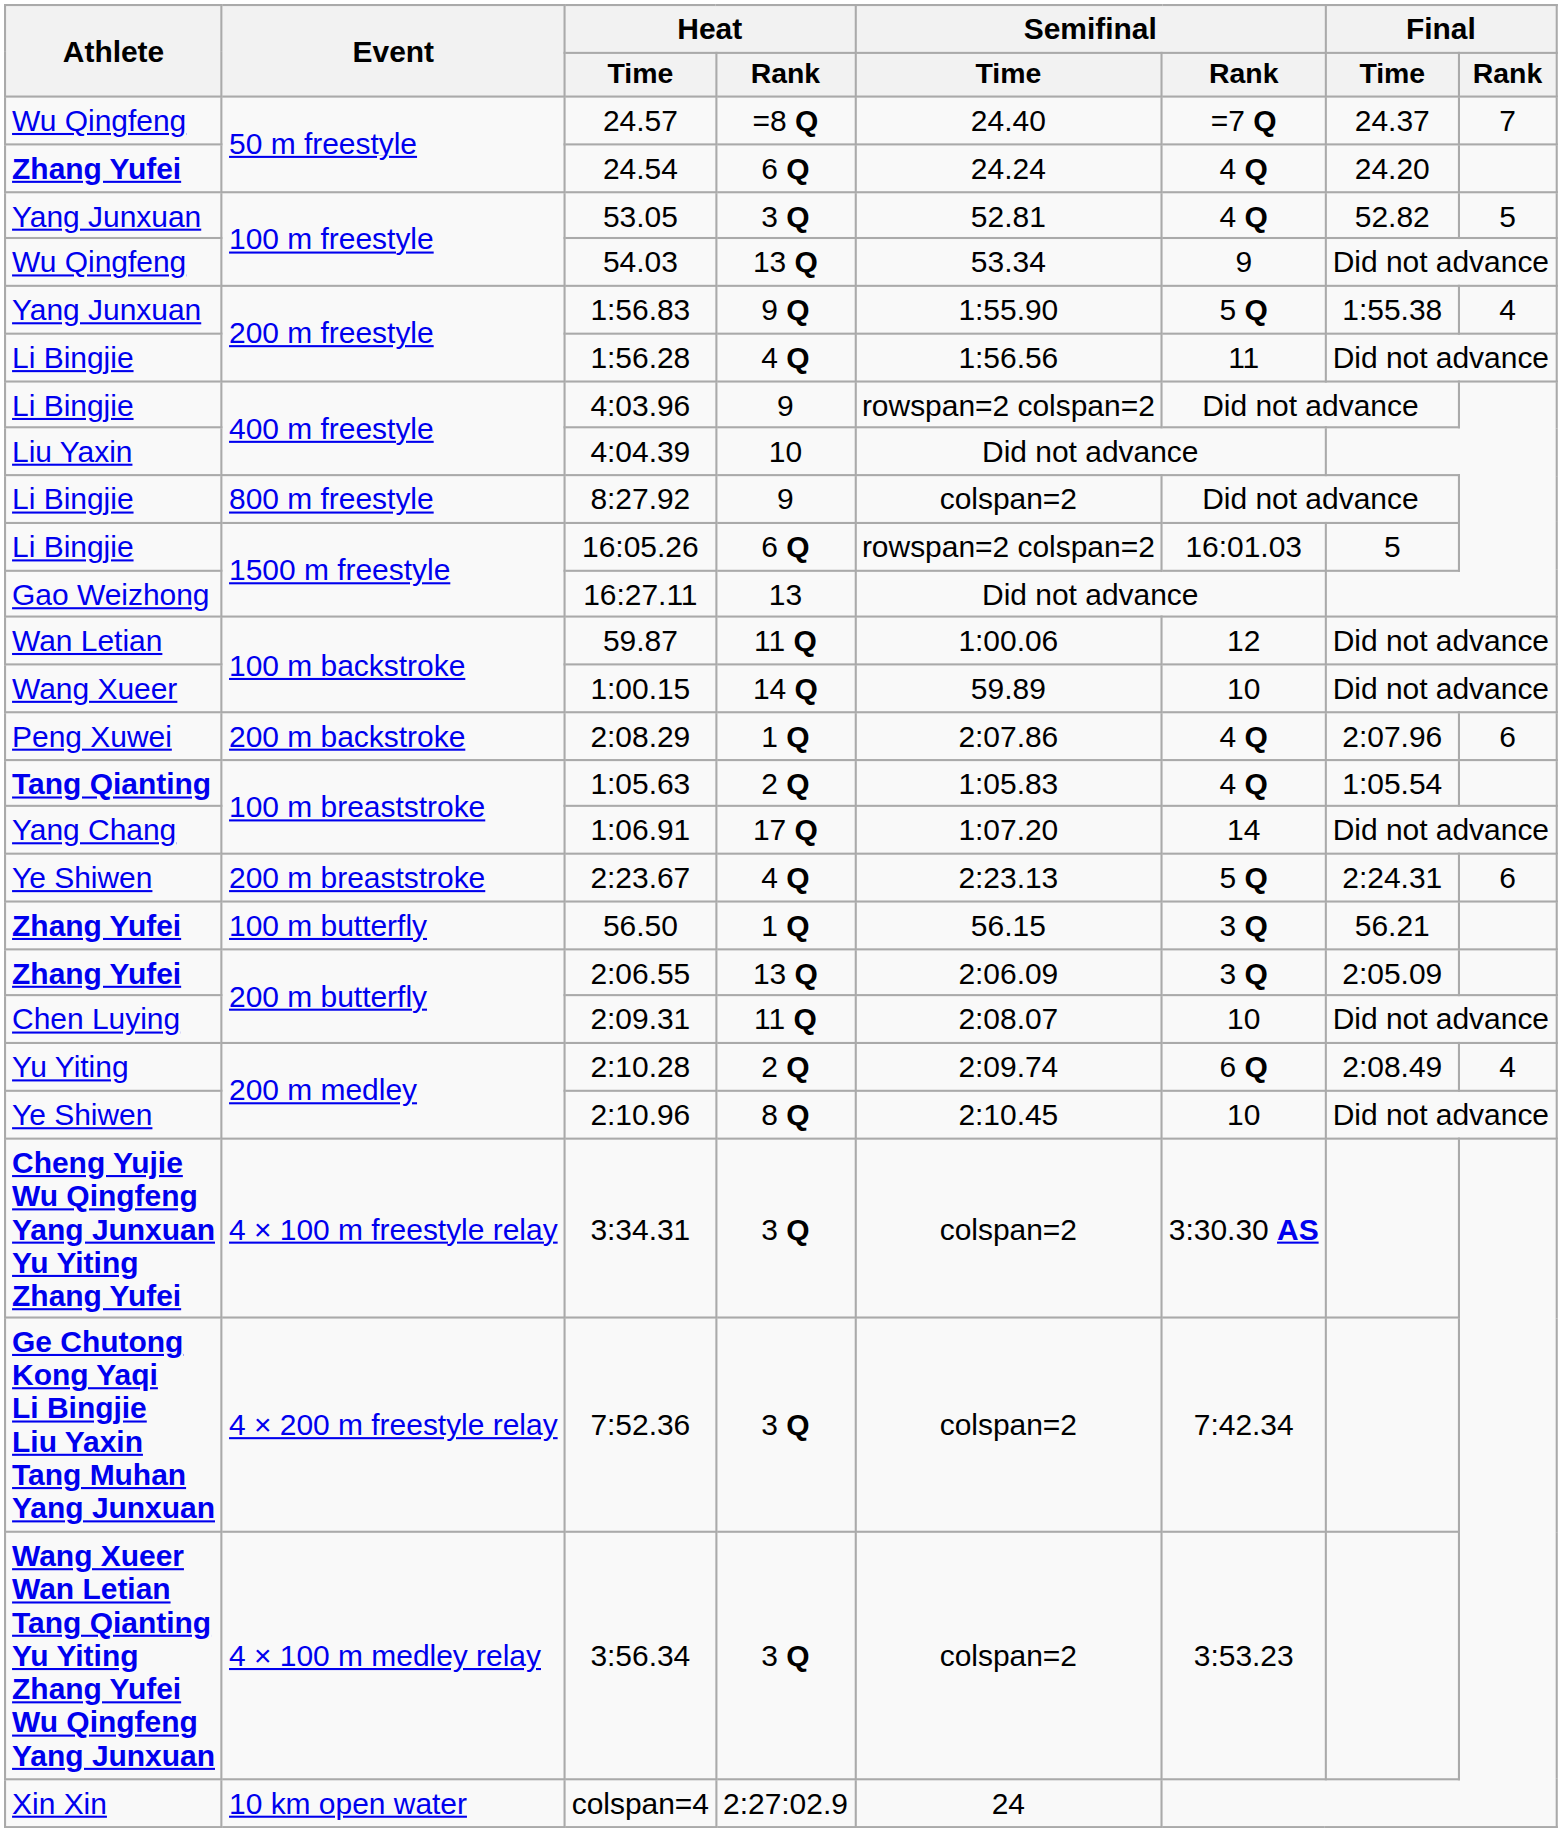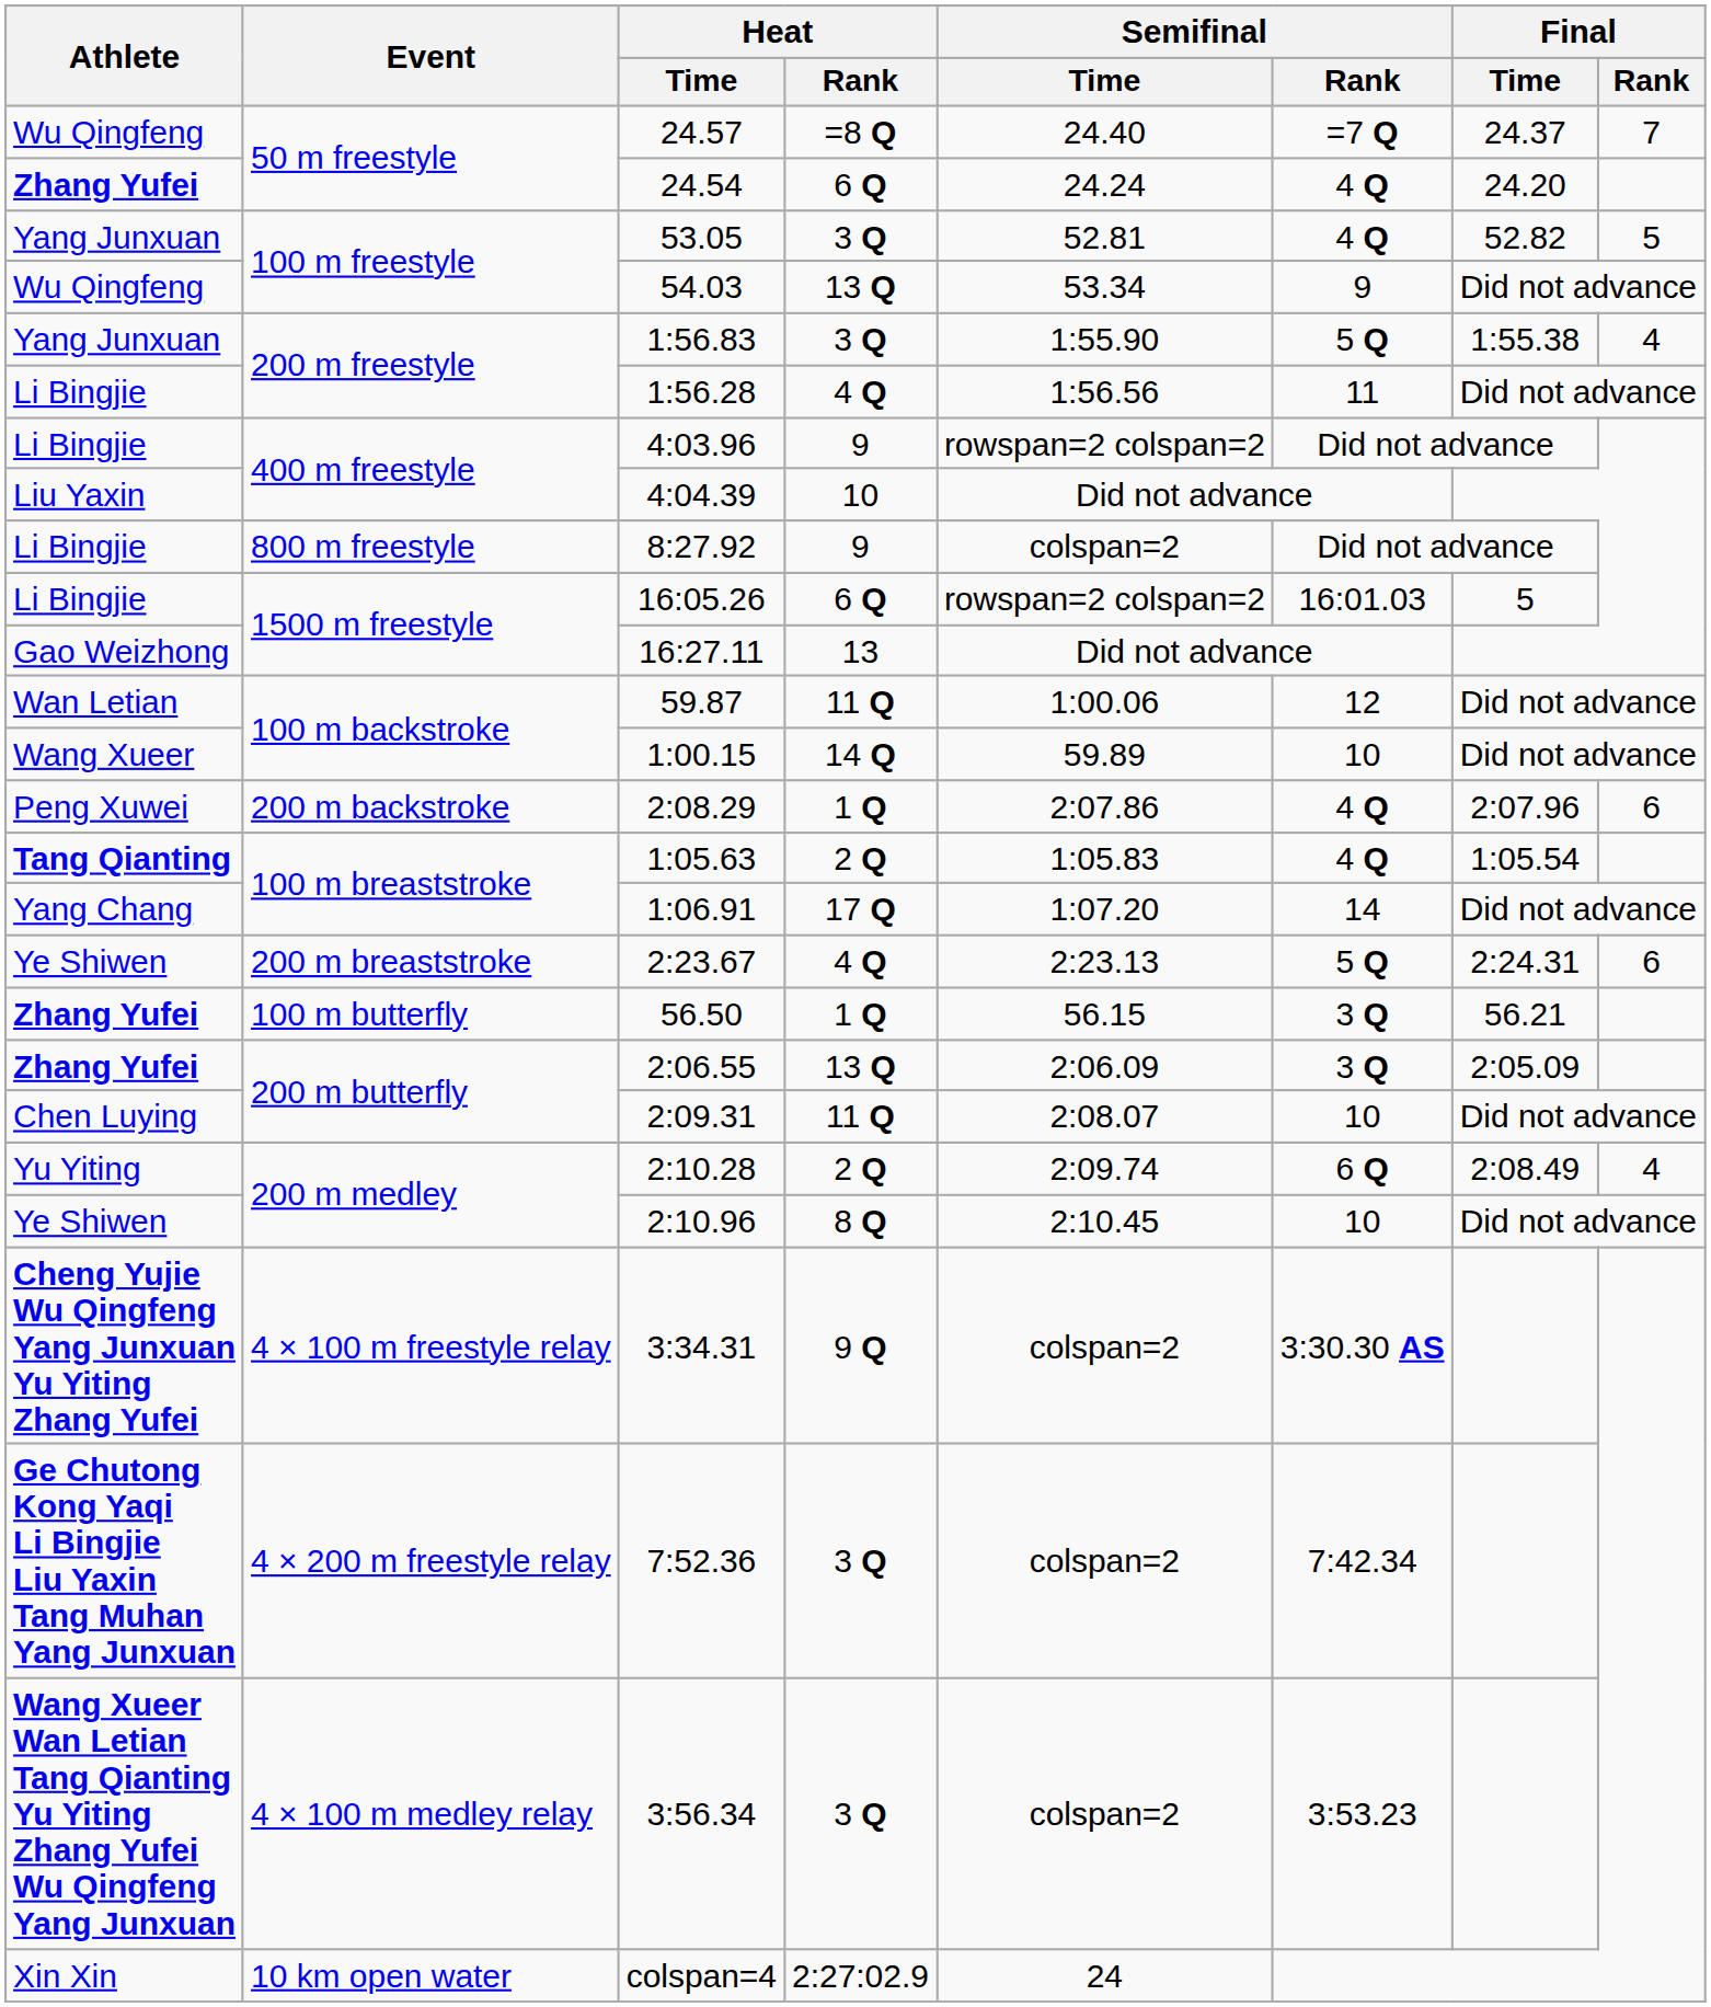 <table class=wikitable style="font-size:90%;">
 <tr>
 <th rowspan=2>Athlete</th>
 <th rowspan=2>Event</th>
 <th colspan=2>Heat</th>
 <th colspan=2>Semifinal</th>
 <th colspan=2>Final</th>
 </tr>
 <tr style=font-size:95%>
 <th>Time</th>
 <th>Rank</th>
 <th>Time</th>
 <th>Rank</th>
 <th>Time</th>
 <th>Rank</th>
 </tr>
 <tr align=center>
 <td align=left><a href='#'>Wu Qingfeng</a></td>
 <td align=left rowspan=2><a href='#'>50 m freestyle</a></td>
 <td>24.57</td>
 <td>=8 <strong>Q</strong></td>
 <td>24.40</td>
 <td>=7 <strong>Q</strong></td>
 <td>24.37</td>
 <td>7</td>
 </tr>
 <tr align=center>
 <td align=left><strong><a href='#'>Zhang Yufei</a></strong></td>
 <td>24.54</td>
 <td>6 <strong>Q</strong></td>
 <td>24.24</td>
 <td>4 <strong>Q</strong></td>
 <td>24.20</td>
 <td></td>
 </tr>
 <tr align=center>
 <td align=left><a href='#'>Yang Junxuan</a></td>
 <td align=left rowspan=2><a href='#'>100 m freestyle</a></td>
 <td>53.05</td>
 <td>3 <strong>Q</strong></td>
 <td>52.81</td>
 <td>4 <strong>Q</strong></td>
 <td>52.82</td>
 <td>5</td>
 </tr>
 <tr align=center>
 <td align=left><a href='#'>Wu Qingfeng</a></td>
 <td>54.03</td>
 <td>13 <strong>Q</strong></td>
 <td>53.34</td>
 <td>9</td>
 <td colspan=2>Did not advance</td>
 </tr>
 <tr align=center>
 <td align=left><a href='#'>Yang Junxuan</a></td>
 <td align=left rowspan=2><a href='#'>200 m freestyle</a></td>
 <td>1:56.83</td>
-<td>9 <strong>Q</strong></td>
+<td>3 <strong>Q</strong></td>
 <td>1:55.90</td>
 <td>5 <strong>Q</strong></td>
 <td>1:55.38</td>
 <td>4</td>
 </tr>
 <tr align=center>
 <td align=left><a href='#'>Li Bingjie</a></td>
 <td>1:56.28</td>
 <td>4 <strong>Q</strong></td>
 <td>1:56.56</td>
 <td>11</td>
 <td colspan=2>Did not advance</td>
 </tr>
 <tr align=center>
 <td align=left><a href='#'>Li Bingjie</a></td>
 <td align=left rowspan=2><a href='#'>400 m freestyle</a></td>
 <td>4:03.96</td>
 <td>9</td>
 <td>rowspan=2 colspan=2 </td>
 <td colspan=2>Did not advance</td>
 </tr>
 <tr align=center>
 <td align=left><a href='#'>Liu Yaxin</a></td>
 <td>4:04.39</td>
 <td>10</td>
 <td colspan=2>Did not advance</td>
 </tr>
 <tr align=center>
 <td align=left><a href='#'>Li Bingjie</a></td>
 <td align=left><a href='#'>800 m freestyle</a></td>
 <td>8:27.92</td>
 <td>9</td>
 <td>colspan=2 </td>
 <td colspan=2>Did not advance</td>
 </tr>
 <tr align=center>
 <td align=left><a href='#'>Li Bingjie</a></td>
 <td align=left rowspan=2><a href='#'>1500 m freestyle</a></td>
 <td>16:05.26</td>
 <td>6 <strong>Q</strong></td>
 <td>rowspan=2 colspan=2 </td>
 <td>16:01.03</td>
 <td>5</td>
 </tr>
 <tr align=center>
 <td align=left><a href='#'>Gao Weizhong</a></td>
 <td>16:27.11</td>
 <td>13</td>
 <td colspan=2>Did not advance</td>
 </tr>
 <tr align=center>
 <td align=left><a href='#'>Wan Letian</a></td>
 <td align=left rowspan=2><a href='#'>100 m backstroke</a></td>
 <td>59.87</td>
 <td>11 <strong>Q</strong></td>
 <td>1:00.06</td>
 <td>12</td>
 <td colspan=2>Did not advance</td>
 </tr>
 <tr align=center>
 <td align=left><a href='#'>Wang Xueer</a></td>
 <td>1:00.15</td>
 <td>14 <strong>Q</strong></td>
 <td>59.89</td>
 <td>10</td>
 <td colspan=2>Did not advance</td>
 </tr>
 <tr align=center>
 <td align=left><a href='#'>Peng Xuwei</a></td>
 <td align=left><a href='#'>200 m backstroke</a></td>
 <td>2:08.29</td>
 <td>1 <strong>Q</strong></td>
 <td>2:07.86</td>
 <td>4 <strong>Q</strong></td>
 <td>2:07.96</td>
 <td>6</td>
 </tr>
 <tr align=center>
 <td align=left><strong><a href='#'>Tang Qianting</a></strong></td>
 <td align=left rowspan=2><a href='#'>100 m breaststroke</a></td>
 <td>1:05.63</td>
 <td>2 <strong>Q</strong></td>
 <td>1:05.83</td>
 <td>4 <strong>Q</strong></td>
 <td>1:05.54</td>
 <td></td>
 </tr>
 <tr align=center>
 <td align=left><a href='#'>Yang Chang</a></td>
 <td>1:06.91</td>
 <td>17 <strong>Q</strong></td>
 <td>1:07.20</td>
 <td>14</td>
 <td colspan=2>Did not advance</td>
 </tr>
 <tr align=center>
 <td align=left><a href='#'>Ye Shiwen</a></td>
 <td align=left><a href='#'>200 m breaststroke</a></td>
 <td>2:23.67</td>
 <td>4 <strong>Q</strong></td>
 <td>2:23.13</td>
 <td>5 <strong>Q</strong></td>
 <td>2:24.31</td>
 <td>6</td>
 </tr>
 <tr align=center>
 <td align=left><strong><a href='#'>Zhang Yufei</a></strong></td>
 <td align=left><a href='#'>100 m butterfly</a></td>
 <td>56.50</td>
 <td>1 <strong>Q</strong></td>
 <td>56.15</td>
 <td>3 <strong>Q</strong></td>
 <td>56.21</td>
 <td></td>
 </tr>
 <tr align=center>
 <td align=left><strong><a href='#'>Zhang Yufei</a></strong></td>
 <td align=left rowspan=2><a href='#'>200 m butterfly</a></td>
 <td>2:06.55</td>
 <td>13 <strong>Q</strong></td>
 <td>2:06.09</td>
 <td>3 <strong>Q</strong></td>
 <td>2:05.09</td>
 <td></td>
 </tr>
 <tr align=center>
 <td align=left><a href='#'>Chen Luying</a></td>
 <td>2:09.31</td>
 <td>11 <strong>Q</strong></td>
 <td>2:08.07</td>
 <td>10</td>
 <td colspan=2>Did not advance</td>
 </tr>
 <tr align=center>
 <td align=left><a href='#'>Yu Yiting</a></td>
 <td align=left rowspan=2><a href='#'>200 m medley</a></td>
 <td>2:10.28</td>
 <td>2 <strong>Q</strong></td>
 <td>2:09.74</td>
 <td>6 <strong>Q</strong></td>
 <td>2:08.49</td>
 <td>4</td>
 </tr>
 <tr align=center>
 <td align=left><a href='#'>Ye Shiwen</a></td>
 <td>2:10.96</td>
 <td>8 <strong>Q</strong></td>
 <td>2:10.45</td>
 <td>10</td>
 <td colspan=2>Did not advance</td>
 </tr>
 <tr align=center>
 <td align=left><strong><a href='#'>Cheng Yujie</a><br><a href='#'>Wu Qingfeng</a><br><a href='#'>Yang Junxuan</a><br><a href='#'>Yu Yiting</a><br><a href='#'>Zhang Yufei</a></strong></td>
 <td align=left><a href='#'>4 × 100 m freestyle relay</a></td>
 <td>3:34.31</td>
-<td>3 <strong>Q</strong></td>
+<td>9 <strong>Q</strong></td>
 <td>colspan=2 </td>
 <td>3:30.30 <strong><a href='#'>AS</a></strong></td>
 <td></td>
 </tr>
 <tr align=center>
 <td align=left><strong><a href='#'>Ge Chutong</a><br><a href='#'>Kong Yaqi</a><br><a href='#'>Li Bingjie</a><br><a href='#'>Liu Yaxin</a><br><a href='#'>Tang Muhan</a><br><a href='#'>Yang Junxuan</a></strong></td>
 <td align=left><a href='#'>4 × 200 m freestyle relay</a></td>
 <td>7:52.36</td>
 <td>3 <strong>Q</strong></td>
 <td>colspan=2 </td>
 <td>7:42.34</td>
 <td></td>
 </tr>
 <tr align=center>
 <td align=left><strong><a href='#'>Wang Xueer</a><br><a href='#'>Wan Letian</a><br><a href='#'>Tang Qianting</a><br><a href='#'>Yu Yiting</a><br><a href='#'>Zhang Yufei</a><br><a href='#'>Wu Qingfeng</a><br><a href='#'>Yang Junxuan</a></strong></td>
 <td align=left><a href='#'>4 × 100 m medley relay</a></td>
 <td>3:56.34</td>
 <td>3 <strong>Q</strong></td>
 <td>colspan=2 </td>
 <td>3:53.23</td>
 <td></td>
 </tr>
 <tr align=center>
 <td align=left><a href='#'>Xin Xin</a></td>
 <td align=left><a href='#'>10 km open water</a></td>
 <td>colspan=4 </td>
 <td>2:27:02.9</td>
 <td>24</td>
 </tr>
 </table>
